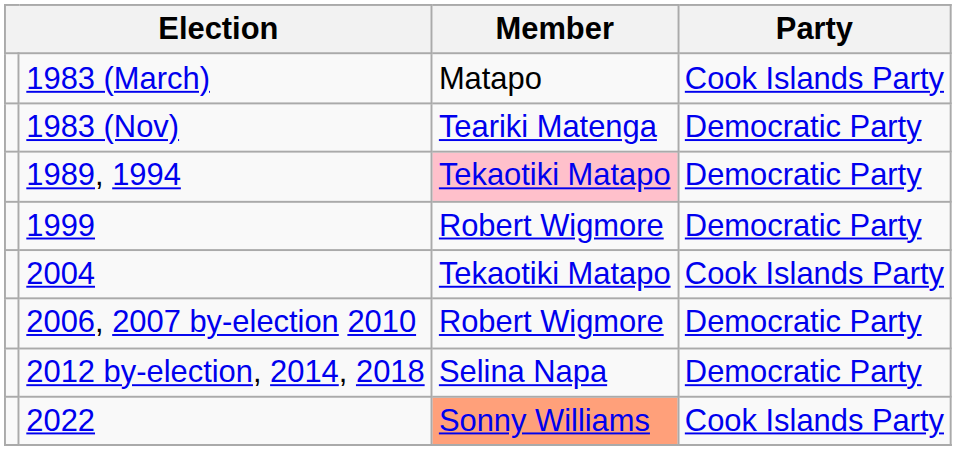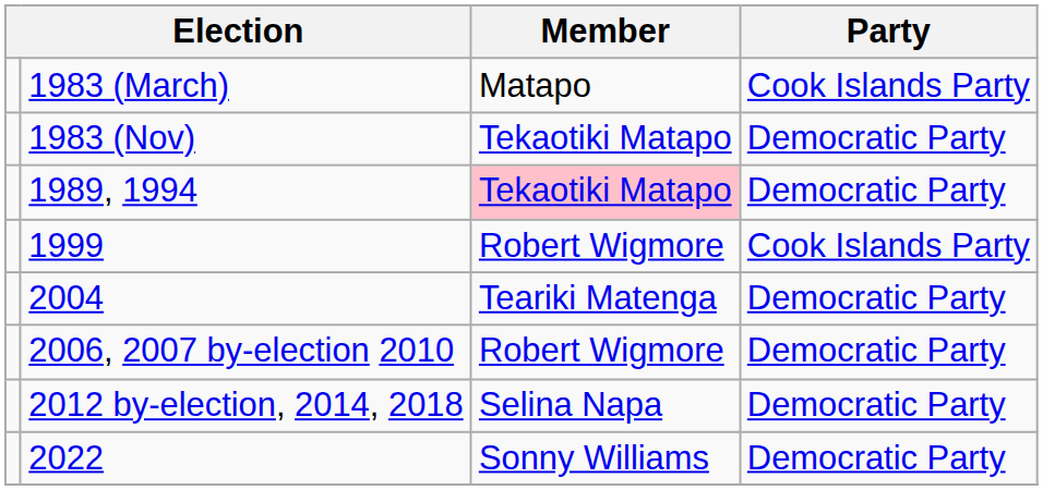 <table class="wikitable">
 <tr>
 <th colspan="2">Election</th>
 <th>Member</th>
 <th>Party</th>
 </tr>
 <tr>
 <td style="background-color: "></td>
 <td><a href='#'>1983 (March)</a></td>
 <td>Matapo</td>
 <td><a href='#'>Cook Islands Party</a></td>
 </tr>
 <tr>
 <td style="background-color: "></td>
 <td><a href='#'>1983 (Nov)</a></td>
-<td><a href='#'>Teariki Matenga</a></td>
+<td><a href='#'>Tekaotiki Matapo</a></td>
 <td><a href='#'>Democratic Party</a></td>
 </tr>
 <tr>
 <td style="background-color: "></td>
 <td><a href='#'>1989</a>, <a href='#'>1994</a></td>
 <td style="background: pink;"><a href='#'>Tekaotiki Matapo</a></td>
 <td><a href='#'>Democratic Party</a></td>
 </tr>
 <tr>
 <td style="background-color: "></td>
 <td><a href='#'>1999</a></td>
 <td><a href='#'>Robert Wigmore</a></td>
-<td><a href='#'>Democratic Party</a></td>
+<td><a href='#'>Cook Islands Party</a></td>
 </tr>
 <tr>
 <td style="background-color: "></td>
 <td><a href='#'>2004</a></td>
-<td><a href='#'>Tekaotiki Matapo</a></td>
-<td><a href='#'>Cook Islands Party</a></td>
+<td><a href='#'>Teariki Matenga</a></td>
+<td><a href='#'>Democratic Party</a></td>
 </tr>
 <tr>
 <td style="background-color: "></td>
 <td><a href='#'>2006</a>, <a href='#'>2007 by-election</a> <a href='#'>2010</a></td>
 <td><a href='#'>Robert Wigmore</a></td>
 <td><a href='#'>Democratic Party</a></td>
 </tr>
 <tr>
 <td style="background-color: "></td>
 <td><a href='#'>2012 by-election</a>, <a href='#'>2014</a>, <a href='#'>2018</a></td>
 <td><a href='#'>Selina Napa</a></td>
 <td><a href='#'>Democratic Party</a></td>
 </tr>
 <tr>
 <td style="background-color: "></td>
 <td><a href='#'>2022</a></td>
-<td style="background: lightsalmon;"><a href='#'>Sonny Williams</a></td>
-<td><a href='#'>Cook Islands Party</a></td>
+<td><a href='#'>Sonny Williams</a></td>
+<td><a href='#'>Democratic Party</a></td>
 </tr>
 <tr>
 </tr>
 </table>
